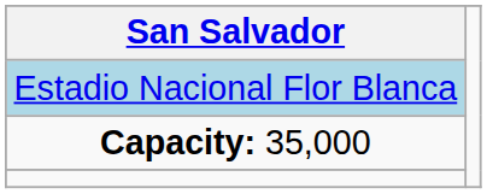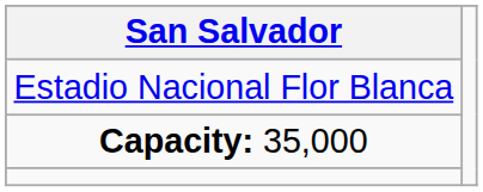 <table class="wikitable" style="text-align:center">
 <tr>
 <th><a href='#'>San Salvador</a></th>
 <td rowspan="4"></td>
 </tr>
 <tr>
-<td style="background: lightblue;"><a href='#'>Estadio Nacional Flor Blanca</a></td>
+<td><a href='#'>Estadio Nacional Flor Blanca</a></td>
 </tr>
 <tr>
 <td><strong>Capacity:</strong> 35,000</td>
 </tr>
 <tr>
 <td></td>
 </tr>
 </table>
